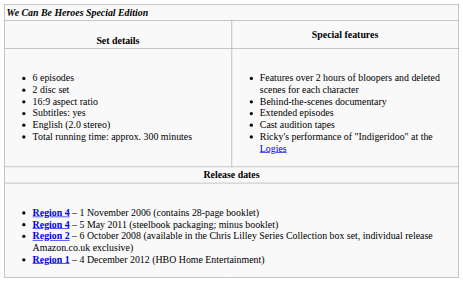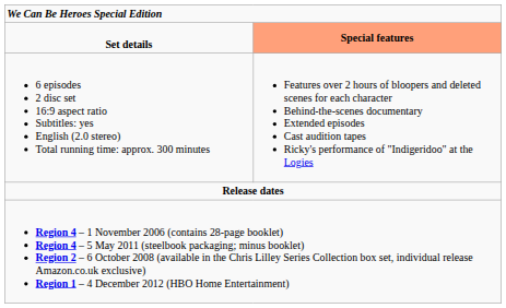 <table class="wikitable" style="width:700px; font-size:95%;">
 <tr>
 <td colspan="2"><strong><em>We Can Be Heroes Special Edition</em></strong></td>
 </tr>
 <tr>
 <td style="width:250px; text-align:center;"><br><strong>Set details</strong></td>
-<td style="width:250px; text-align:center;"><strong>Special features</strong></td>
+<td style="background: lightsalmon; width:250px; text-align:center;"><strong>Special features</strong></td>
 </tr>
 <tr valign="top">
 <td style="text-align:left; width:250px;"><br><ul><li>6 episodes</li><li>2 disc set</li><li>16:9 aspect ratio</li><li>Subtitles: yes</li><li>English (2.0 stereo)</li><li>Total running time: approx. 300 minutes</li></ul></td>
 <td style="text-align:left; width:250px;"><br><ul><li>Features over 2 hours of bloopers and deleted scenes for each character</li><li>Behind-the-scenes documentary</li><li>Extended episodes</li><li>Cast audition tapes</li><li>Ricky's performance of "Indigeridoo" at the <a href='#'>Logies</a></li></ul></td>
 </tr>
 <tr>
 <td colspan="3" style="text-align:center;"><strong>Release dates</strong></td>
 </tr>
 <tr>
 <td colspan="2"><br><ul><li><strong><a href='#'>Region 4</a></strong> – 1 November 2006 (contains 28-page booklet)</li><li><strong><a href='#'>Region 4</a></strong> – 5 May 2011 (steelbook packaging; minus booklet)</li><li><strong><a href='#'>Region 2</a></strong> – 6 October 2008 (available in the Chris Lilley Series Collection box set, individual release Amazon.co.uk exclusive)</li><li><strong><a href='#'>Region 1</a></strong> – 4 December 2012 (HBO Home Entertainment)</li></ul></td>
 </tr>
 </table>
